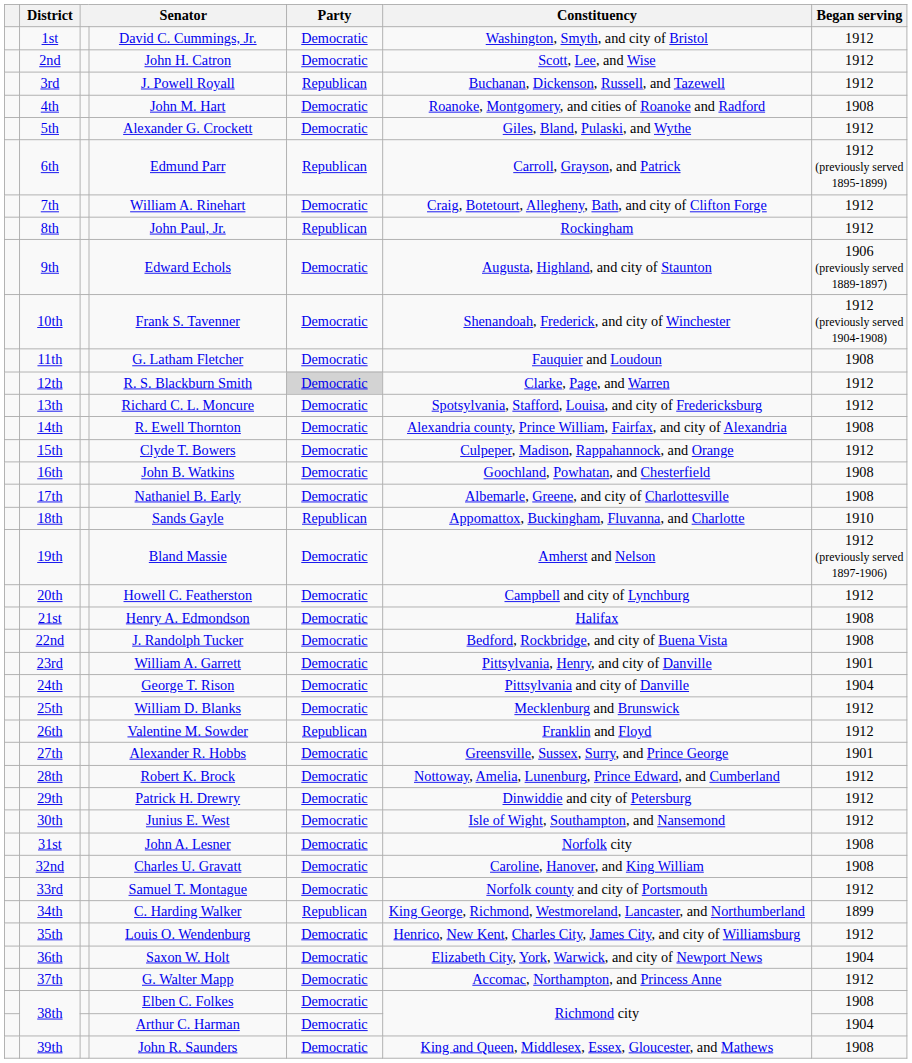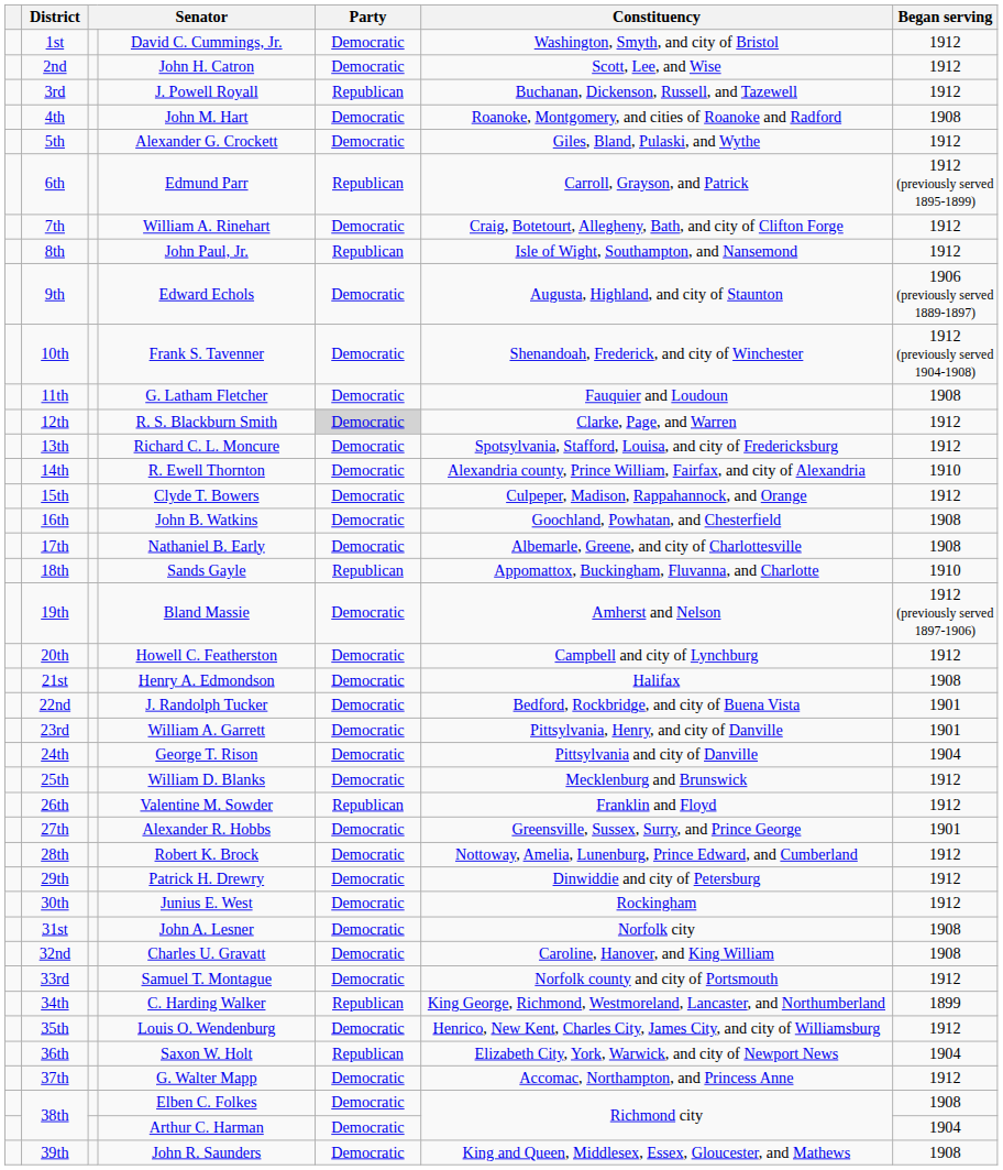 <table class="wikitable" style="text-align:center">
 <tr>
 <th width="10px"></th>
 <th width="60px">District</th>
 <th colspan=2 width="225px">Senator</th>
 <th width="100px">Party</th>
 <th width="475px">Constituency</th>
 <th width="100px">Began serving</th>
 </tr>
 <tr>
 <td style="background-color:"></td>
 <td><a href='#'>1st</a></td>
 <td></td>
 <td><a href='#'>David C. Cummings, Jr.</a></td>
 <td><a href='#'>Democratic</a></td>
 <td><a href='#'>Washington</a>, <a href='#'>Smyth</a>, and city of <a href='#'>Bristol</a></td>
 <td>1912</td>
 </tr>
 <tr>
 <td style="background-color:"></td>
 <td><a href='#'>2nd</a></td>
 <td></td>
 <td><a href='#'>John H. Catron</a></td>
 <td><a href='#'>Democratic</a></td>
 <td><a href='#'>Scott</a>, <a href='#'>Lee</a>, and <a href='#'>Wise</a></td>
 <td>1912</td>
 </tr>
 <tr>
 <td style="background-color:"></td>
 <td><a href='#'>3rd</a></td>
 <td></td>
 <td><a href='#'>J. Powell Royall</a></td>
 <td><a href='#'>Republican</a></td>
 <td><a href='#'>Buchanan</a>, <a href='#'>Dickenson</a>, <a href='#'>Russell</a>, and <a href='#'>Tazewell</a></td>
 <td>1912</td>
 </tr>
 <tr>
 <td style="background-color:"></td>
 <td><a href='#'>4th</a></td>
 <td></td>
 <td><a href='#'>John M. Hart</a></td>
 <td><a href='#'>Democratic</a></td>
 <td><a href='#'>Roanoke</a>, <a href='#'>Montgomery</a>, and cities of <a href='#'>Roanoke</a> and <a href='#'>Radford</a></td>
 <td>1908</td>
 </tr>
 <tr>
 <td style="background-color:"></td>
 <td><a href='#'>5th</a></td>
 <td></td>
 <td><a href='#'>Alexander G. Crockett</a></td>
 <td><a href='#'>Democratic</a></td>
 <td><a href='#'>Giles</a>, <a href='#'>Bland</a>, <a href='#'>Pulaski</a>, and <a href='#'>Wythe</a></td>
 <td>1912</td>
 </tr>
 <tr>
 <td style="background-color:"></td>
 <td><a href='#'>6th</a></td>
 <td></td>
 <td><a href='#'>Edmund Parr</a></td>
 <td><a href='#'>Republican</a></td>
 <td><a href='#'>Carroll</a>, <a href='#'>Grayson</a>, and <a href='#'>Patrick</a></td>
 <td>1912<br><small>(previously served 1895-1899)</small></td>
 </tr>
 <tr>
 <td style="background-color:"></td>
 <td><a href='#'>7th</a></td>
 <td></td>
 <td><a href='#'>William A. Rinehart</a></td>
 <td><a href='#'>Democratic</a></td>
 <td><a href='#'>Craig</a>, <a href='#'>Botetourt</a>, <a href='#'>Allegheny</a>, <a href='#'>Bath</a>, and city of <a href='#'>Clifton Forge</a></td>
 <td>1912</td>
 </tr>
 <tr>
 <td style="background-color:"></td>
 <td><a href='#'>8th</a></td>
 <td></td>
 <td><a href='#'>John Paul, Jr.</a></td>
 <td><a href='#'>Republican</a></td>
-<td><a href='#'>Rockingham</a></td>
+<td><a href='#'>Isle of Wight</a>, <a href='#'>Southampton</a>, and <a href='#'>Nansemond</a></td>
 <td>1912</td>
 </tr>
 <tr>
 <td style="background-color:"></td>
 <td><a href='#'>9th</a></td>
 <td></td>
 <td><a href='#'>Edward Echols</a></td>
 <td><a href='#'>Democratic</a></td>
 <td><a href='#'>Augusta</a>, <a href='#'>Highland</a>, and city of <a href='#'>Staunton</a></td>
 <td>1906<br><small>(previously served 1889-1897)</small></td>
 </tr>
 <tr>
 <td style="background-color:"></td>
 <td><a href='#'>10th</a></td>
 <td></td>
 <td><a href='#'>Frank S. Tavenner</a></td>
 <td><a href='#'>Democratic</a></td>
 <td><a href='#'>Shenandoah</a>, <a href='#'>Frederick</a>, and city of <a href='#'>Winchester</a></td>
 <td>1912<br><small>(previously served 1904-1908)</small></td>
 </tr>
 <tr>
 <td style="background-color:"></td>
 <td><a href='#'>11th</a></td>
 <td></td>
 <td><a href='#'>G. Latham Fletcher</a></td>
 <td><a href='#'>Democratic</a></td>
 <td><a href='#'>Fauquier</a> and <a href='#'>Loudoun</a></td>
 <td>1908</td>
 </tr>
 <tr>
 <td style="background-color:"></td>
 <td><a href='#'>12th</a></td>
 <td></td>
 <td><a href='#'>R. S. Blackburn Smith</a></td>
 <td style="background: lightgrey;"><a href='#'>Democratic</a></td>
 <td><a href='#'>Clarke</a>, <a href='#'>Page</a>, and <a href='#'>Warren</a></td>
 <td>1912</td>
 </tr>
 <tr>
 <td style="background-color:"></td>
 <td><a href='#'>13th</a></td>
 <td></td>
 <td><a href='#'>Richard C. L. Moncure</a></td>
 <td><a href='#'>Democratic</a></td>
 <td><a href='#'>Spotsylvania</a>, <a href='#'>Stafford</a>, <a href='#'>Louisa</a>, and city of <a href='#'>Fredericksburg</a></td>
 <td>1912</td>
 </tr>
 <tr>
 <td style="background-color:"></td>
 <td><a href='#'>14th</a></td>
 <td></td>
 <td><a href='#'>R. Ewell Thornton</a></td>
 <td><a href='#'>Democratic</a></td>
 <td><a href='#'>Alexandria county</a>, <a href='#'>Prince William</a>, <a href='#'>Fairfax</a>, and city of <a href='#'>Alexandria</a></td>
-<td>1908</td>
+<td>1910</td>
 </tr>
 <tr>
 <td style="background-color:"></td>
 <td><a href='#'>15th</a></td>
 <td></td>
 <td><a href='#'>Clyde T. Bowers</a></td>
 <td><a href='#'>Democratic</a></td>
 <td><a href='#'>Culpeper</a>, <a href='#'>Madison</a>, <a href='#'>Rappahannock</a>, and <a href='#'>Orange</a></td>
 <td>1912</td>
 </tr>
 <tr>
 <td style="background-color:"></td>
 <td><a href='#'>16th</a></td>
 <td></td>
 <td><a href='#'>John B. Watkins</a></td>
 <td><a href='#'>Democratic</a></td>
 <td><a href='#'>Goochland</a>, <a href='#'>Powhatan</a>, and <a href='#'>Chesterfield</a></td>
 <td>1908</td>
 </tr>
 <tr>
 <td style="background-color:"></td>
 <td><a href='#'>17th</a></td>
 <td></td>
 <td><a href='#'>Nathaniel B. Early</a></td>
 <td><a href='#'>Democratic</a></td>
 <td><a href='#'>Albemarle</a>, <a href='#'>Greene</a>, and city of <a href='#'>Charlottesville</a></td>
 <td>1908</td>
 </tr>
 <tr>
 <td style="background-color:"></td>
 <td><a href='#'>18th</a></td>
 <td></td>
 <td><a href='#'>Sands Gayle</a></td>
 <td><a href='#'>Republican</a></td>
 <td><a href='#'>Appomattox</a>, <a href='#'>Buckingham</a>, <a href='#'>Fluvanna</a>, and <a href='#'>Charlotte</a></td>
 <td>1910</td>
 </tr>
 <tr>
 <td style="background-color:"></td>
 <td><a href='#'>19th</a></td>
 <td></td>
 <td><a href='#'>Bland Massie</a></td>
 <td><a href='#'>Democratic</a></td>
 <td><a href='#'>Amherst</a> and <a href='#'>Nelson</a></td>
 <td>1912<br><small>(previously served 1897-1906)</small></td>
 </tr>
 <tr>
 <td style="background-color:"></td>
 <td><a href='#'>20th</a></td>
 <td></td>
 <td><a href='#'>Howell C. Featherston</a></td>
 <td><a href='#'>Democratic</a></td>
 <td><a href='#'>Campbell</a> and city of <a href='#'>Lynchburg</a></td>
 <td>1912</td>
 </tr>
 <tr>
 <td style="background-color:"></td>
 <td><a href='#'>21st</a></td>
 <td></td>
 <td><a href='#'>Henry A. Edmondson</a></td>
 <td><a href='#'>Democratic</a></td>
 <td><a href='#'>Halifax</a></td>
 <td>1908</td>
 </tr>
 <tr>
 <td style="background-color:"></td>
 <td><a href='#'>22nd</a></td>
 <td></td>
 <td><a href='#'>J. Randolph Tucker</a></td>
 <td><a href='#'>Democratic</a></td>
 <td><a href='#'>Bedford</a>, <a href='#'>Rockbridge</a>, and city of <a href='#'>Buena Vista</a></td>
-<td>1908</td>
+<td>1901</td>
 </tr>
 <tr>
 <td style="background-color:"></td>
 <td><a href='#'>23rd</a></td>
 <td></td>
 <td><a href='#'>William A. Garrett</a></td>
 <td><a href='#'>Democratic</a></td>
 <td><a href='#'>Pittsylvania</a>, <a href='#'>Henry</a>, and city of <a href='#'>Danville</a></td>
 <td>1901</td>
 </tr>
 <tr>
 <td style="background-color:"></td>
 <td><a href='#'>24th</a></td>
 <td></td>
 <td><a href='#'>George T. Rison</a></td>
 <td><a href='#'>Democratic</a></td>
 <td><a href='#'>Pittsylvania</a> and city of <a href='#'>Danville</a></td>
 <td>1904</td>
 </tr>
 <tr>
 <td style="background-color:"></td>
 <td><a href='#'>25th</a></td>
 <td></td>
 <td><a href='#'>William D. Blanks</a></td>
 <td><a href='#'>Democratic</a></td>
 <td><a href='#'>Mecklenburg</a> and <a href='#'>Brunswick</a></td>
 <td>1912</td>
 </tr>
 <tr>
 <td style="background-color:"></td>
 <td><a href='#'>26th</a></td>
 <td></td>
 <td><a href='#'>Valentine M. Sowder</a></td>
 <td><a href='#'>Republican</a></td>
 <td><a href='#'>Franklin</a> and <a href='#'>Floyd</a></td>
 <td>1912</td>
 </tr>
 <tr>
 <td style="background-color:"></td>
 <td><a href='#'>27th</a></td>
 <td></td>
 <td><a href='#'>Alexander R. Hobbs</a></td>
 <td><a href='#'>Democratic</a></td>
 <td><a href='#'>Greensville</a>, <a href='#'>Sussex</a>, <a href='#'>Surry</a>, and <a href='#'>Prince George</a></td>
 <td>1901</td>
 </tr>
 <tr>
 <td style="background-color:"></td>
 <td><a href='#'>28th</a></td>
 <td></td>
 <td><a href='#'>Robert K. Brock</a></td>
 <td><a href='#'>Democratic</a></td>
 <td><a href='#'>Nottoway</a>, <a href='#'>Amelia</a>, <a href='#'>Lunenburg</a>, <a href='#'>Prince Edward</a>, and <a href='#'>Cumberland</a></td>
 <td>1912</td>
 </tr>
 <tr>
 <td style="background-color:"></td>
 <td><a href='#'>29th</a></td>
 <td></td>
 <td><a href='#'>Patrick H. Drewry</a></td>
 <td><a href='#'>Democratic</a></td>
 <td><a href='#'>Dinwiddie</a> and city of <a href='#'>Petersburg</a></td>
 <td>1912</td>
 </tr>
 <tr>
 <td style="background-color:"></td>
 <td><a href='#'>30th</a></td>
 <td></td>
 <td><a href='#'>Junius E. West</a></td>
 <td><a href='#'>Democratic</a></td>
-<td><a href='#'>Isle of Wight</a>, <a href='#'>Southampton</a>, and <a href='#'>Nansemond</a></td>
+<td><a href='#'>Rockingham</a></td>
 <td>1912</td>
 </tr>
 <tr>
 <td style="background-color:"></td>
 <td><a href='#'>31st</a></td>
 <td></td>
 <td><a href='#'>John A. Lesner</a></td>
 <td><a href='#'>Democratic</a></td>
 <td><a href='#'>Norfolk</a> city</td>
 <td>1908</td>
 </tr>
 <tr>
 <td style="background-color:"></td>
 <td><a href='#'>32nd</a></td>
 <td></td>
 <td><a href='#'>Charles U. Gravatt</a></td>
 <td><a href='#'>Democratic</a></td>
 <td><a href='#'>Caroline</a>, <a href='#'>Hanover</a>, and <a href='#'>King William</a></td>
 <td>1908</td>
 </tr>
 <tr>
 <td style="background-color:"></td>
 <td><a href='#'>33rd</a></td>
 <td></td>
 <td><a href='#'>Samuel T. Montague</a></td>
 <td><a href='#'>Democratic</a></td>
 <td><a href='#'>Norfolk county</a> and city of <a href='#'>Portsmouth</a></td>
 <td>1912</td>
 </tr>
 <tr>
 <td style="background-color:"></td>
 <td><a href='#'>34th</a></td>
 <td></td>
 <td><a href='#'>C. Harding Walker</a></td>
 <td><a href='#'>Republican</a></td>
 <td><a href='#'>King George</a>, <a href='#'>Richmond</a>, <a href='#'>Westmoreland</a>, <a href='#'>Lancaster</a>, and <a href='#'>Northumberland</a></td>
 <td>1899</td>
 </tr>
 <tr>
 <td style="background-color:"></td>
 <td><a href='#'>35th</a></td>
 <td></td>
 <td><a href='#'>Louis O. Wendenburg</a></td>
 <td><a href='#'>Democratic</a></td>
 <td><a href='#'>Henrico</a>, <a href='#'>New Kent</a>, <a href='#'>Charles City</a>, <a href='#'>James City</a>, and city of <a href='#'>Williamsburg</a></td>
 <td>1912</td>
 </tr>
 <tr>
 <td style="background-color:"></td>
 <td><a href='#'>36th</a></td>
 <td></td>
 <td><a href='#'>Saxon W. Holt</a></td>
-<td><a href='#'>Democratic</a></td>
+<td><a href='#'>Republican</a></td>
 <td><a href='#'>Elizabeth City</a>, <a href='#'>York</a>, <a href='#'>Warwick</a>, and city of <a href='#'>Newport News</a></td>
 <td>1904</td>
 </tr>
 <tr>
 <td style="background-color:"></td>
 <td><a href='#'>37th</a></td>
 <td></td>
 <td><a href='#'>G. Walter Mapp</a></td>
 <td><a href='#'>Democratic</a></td>
 <td><a href='#'>Accomac</a>, <a href='#'>Northampton</a>, and <a href='#'>Princess Anne</a></td>
 <td>1912</td>
 </tr>
 <tr>
 <td style="background-color:"></td>
 <td rowspan="2"><a href='#'>38th</a></td>
 <td></td>
 <td><a href='#'>Elben C. Folkes</a></td>
 <td><a href='#'>Democratic</a></td>
 <td rowspan="2"><a href='#'>Richmond</a> city</td>
 <td>1908</td>
 </tr>
 <tr>
 <td style="background-color:"></td>
 <td></td>
 <td><a href='#'>Arthur C. Harman</a></td>
 <td><a href='#'>Democratic</a></td>
 <td>1904</td>
 </tr>
 <tr>
 <td style="background-color:"></td>
 <td><a href='#'>39th</a></td>
 <td></td>
 <td><a href='#'>John R. Saunders</a></td>
 <td><a href='#'>Democratic</a></td>
 <td><a href='#'>King and Queen</a>, <a href='#'>Middlesex</a>, <a href='#'>Essex</a>, <a href='#'>Gloucester</a>, and <a href='#'>Mathews</a></td>
 <td>1908</td>
 </tr>
 </table>
